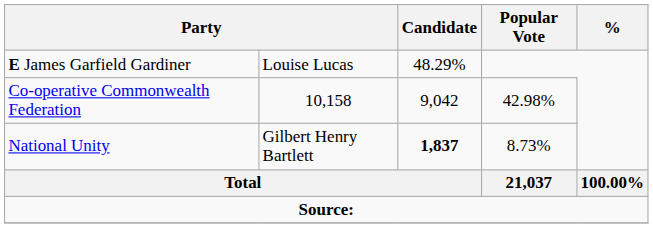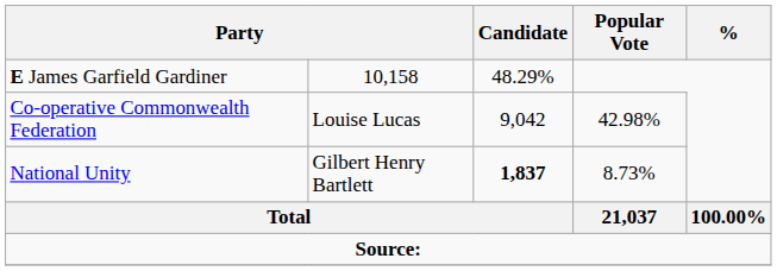 <table class="wikitable">
 <tr>
 <th colspan="2">Party</th>
 <th>Candidate</th>
 <th>Popular Vote</th>
 <th>%</th>
 </tr>
 <tr>
 <td><strong>E</strong> James Garfield Gardiner</td>
-<td>Louise Lucas</td>
+<td align=center>10,158</td>
 <td align=center>48.29%</td>
 </tr>
 <tr>
 <td><a href='#'>Co-operative Commonwealth Federation</a></td>
-<td align=center>10,158</td>
+<td>Louise Lucas</td>
 <td align=center>9,042</td>
 <td align=center>42.98%</td>
 </tr>
 <tr>
 <td><a href='#'>National Unity</a></td>
 <td>Gilbert Henry Bartlett</td>
 <td align=center><strong>1,837</strong></td>
 <td align=center>8.73%</td>
 </tr>
 <tr>
 <th colspan=3 align=center>Total</th>
 <th align=center>21,037</th>
 <th align=center>100.00%</th>
 </tr>
 <tr>
 <td align="center" colspan=5><strong>Source:</strong> </td>
 </tr>
 <tr>
 </tr>
 </table>
